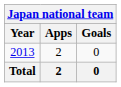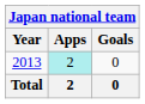 <table class="wikitable" style="text-align:center">
 <tr>
 <th colspan=3><a href='#'>Japan national team</a></th>
 </tr>
 <tr>
 <th>Year</th>
 <th>Apps</th>
 <th>Goals</th>
 </tr>
 <tr>
 <td><a href='#'>2013</a></td>
-<td>2</td>
+<td style="background: paleturquoise;">2</td>
 <td>0</td>
 </tr>
 <tr>
 <th>Total</th>
 <th>2</th>
 <th>0</th>
 </tr>
 </table>
